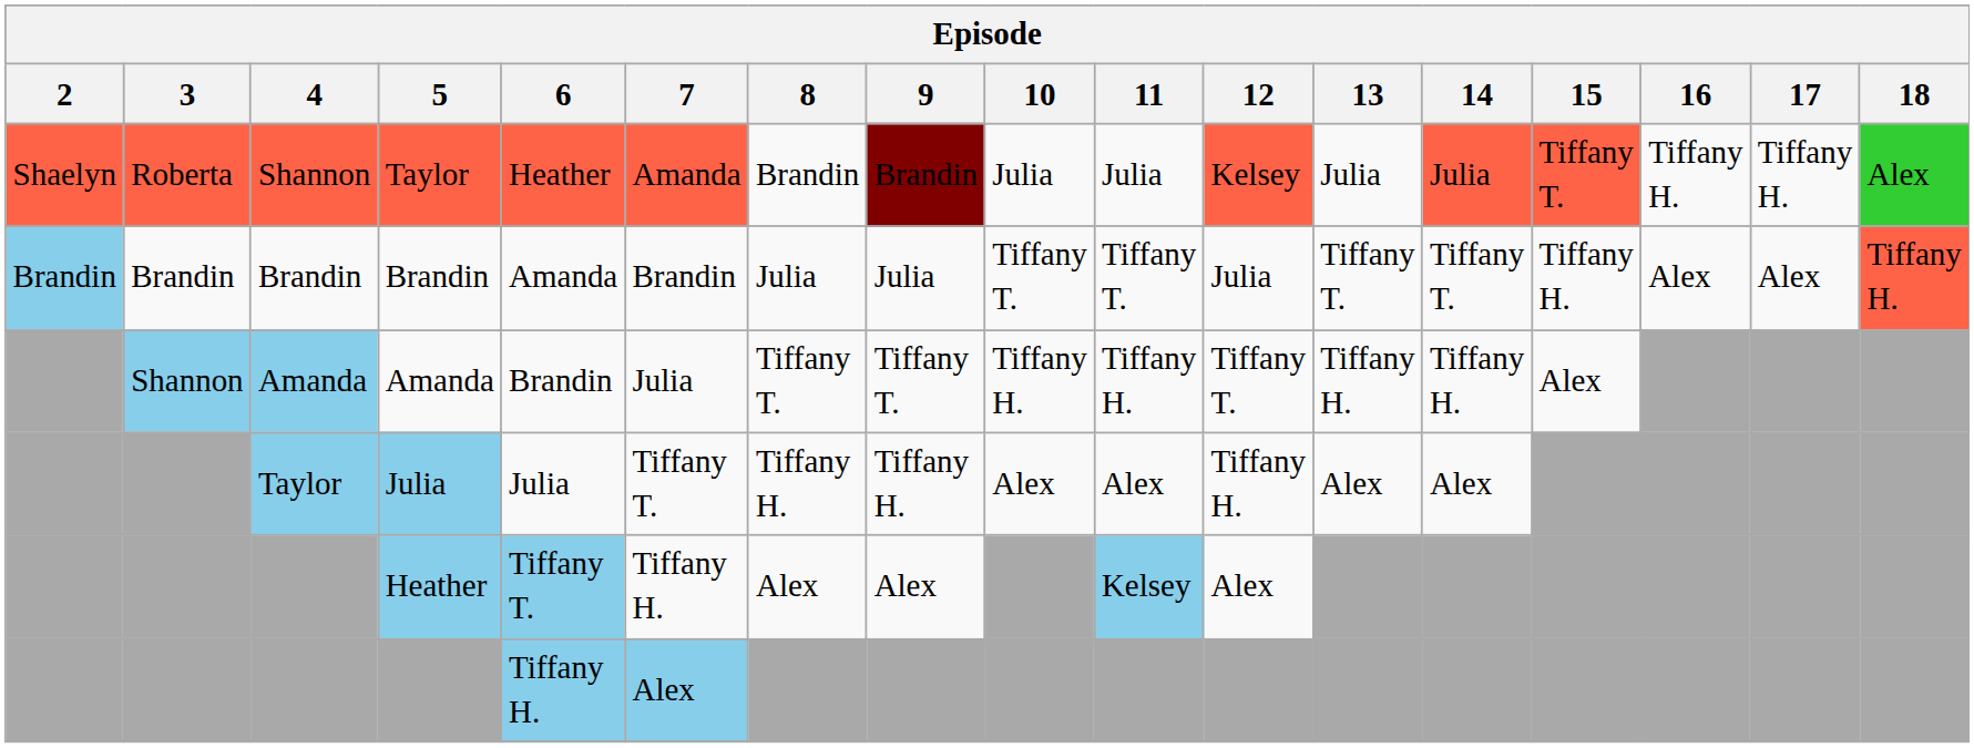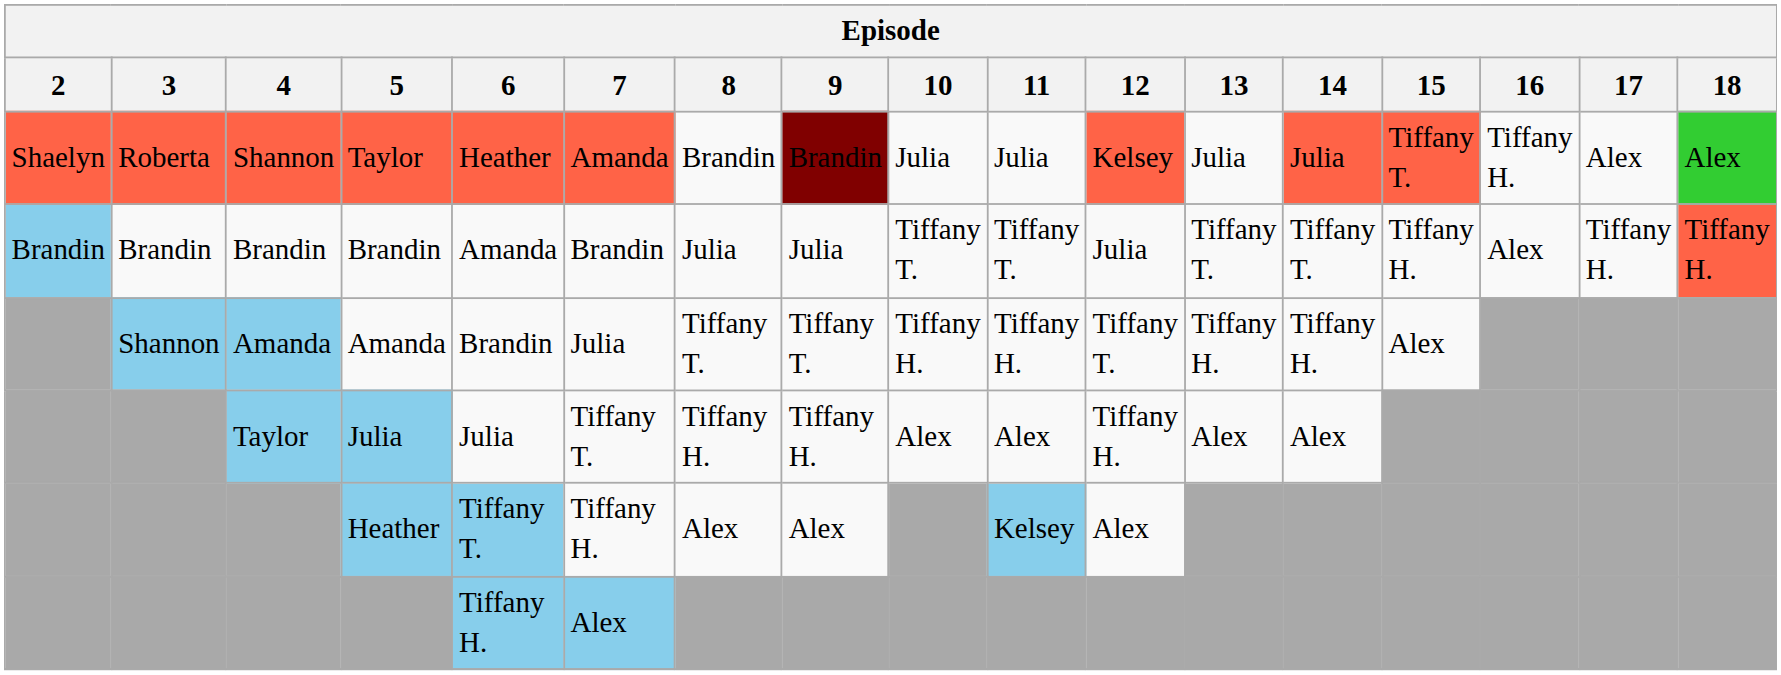 <table class="wikitable" style="line-height:22px" style="text-align:center">
 <tr>
 <th colspan="17">Episode</th>
 </tr>
 <tr>
 <th>2</th>
 <th>3</th>
 <th>4</th>
 <th>5</th>
 <th>6</th>
 <th>7</th>
 <th>8</th>
 <th>9</th>
 <th>10</th>
 <th>11</th>
 <th>12</th>
 <th>13</th>
 <th>14</th>
 <th>15</th>
 <th>16</th>
 <th>17</th>
 <th>18</th>
 </tr>
 <tr>
 <td bgcolor="tomato">Shaelyn</td>
 <td bgcolor="tomato">Roberta</td>
 <td bgcolor="tomato">Shannon</td>
 <td bgcolor="tomato">Taylor</td>
 <td bgcolor="tomato">Heather</td>
 <td bgcolor="tomato">Amanda</td>
 <td>Brandin</td>
 <td bgcolor="maroon"><span>Brandin</span></td>
 <td>Julia</td>
 <td>Julia</td>
 <td bgcolor="tomato">Kelsey</td>
 <td>Julia</td>
 <td bgcolor="tomato">Julia</td>
 <td bgcolor="tomato">Tiffany T.</td>
 <td>Tiffany H.</td>
-<td>Tiffany H.</td>
+<td>Alex</td>
 <td bgcolor="limegreen">Alex</td>
 </tr>
 <tr>
 <td bgcolor="skyblue">Brandin</td>
 <td>Brandin</td>
 <td>Brandin</td>
 <td>Brandin</td>
 <td>Amanda</td>
 <td>Brandin</td>
 <td>Julia</td>
 <td>Julia</td>
 <td>Tiffany T.</td>
 <td>Tiffany T.</td>
 <td>Julia</td>
 <td>Tiffany T.</td>
 <td>Tiffany T.</td>
 <td>Tiffany H.</td>
 <td>Alex</td>
-<td>Alex</td>
+<td>Tiffany H.</td>
 <td bgcolor="tomato">Tiffany H.</td>
 </tr>
 <tr>
 <td bgcolor="darkgray"></td>
 <td bgcolor="skyblue">Shannon</td>
 <td bgcolor="skyblue">Amanda</td>
 <td>Amanda</td>
 <td>Brandin</td>
 <td>Julia</td>
 <td>Tiffany T.</td>
 <td>Tiffany T.</td>
 <td>Tiffany H.</td>
 <td>Tiffany H.</td>
 <td>Tiffany T.</td>
 <td>Tiffany H.</td>
 <td>Tiffany H.</td>
 <td>Alex</td>
 <td bgcolor="darkgray"></td>
 <td bgcolor="darkgray"></td>
 <td bgcolor="darkgray"></td>
 </tr>
 <tr>
 <td bgcolor="darkgray"></td>
 <td bgcolor="darkgray"></td>
 <td bgcolor="skyblue">Taylor</td>
 <td bgcolor="skyblue">Julia</td>
 <td>Julia</td>
 <td>Tiffany T.</td>
 <td>Tiffany H.</td>
 <td>Tiffany H.</td>
 <td>Alex</td>
 <td>Alex</td>
 <td>Tiffany H.</td>
 <td>Alex</td>
 <td>Alex</td>
 <td bgcolor="darkgray"></td>
 <td bgcolor="darkgray"></td>
 <td bgcolor="darkgray"></td>
 <td bgcolor="darkgray"></td>
 </tr>
 <tr>
 <td bgcolor="darkgray"></td>
 <td bgcolor="darkgray"></td>
 <td bgcolor="darkgray"></td>
 <td bgcolor="skyblue">Heather</td>
 <td bgcolor="skyblue">Tiffany T.</td>
 <td>Tiffany H.</td>
 <td>Alex</td>
 <td>Alex</td>
 <td bgcolor="darkgray"></td>
 <td bgcolor="skyblue">Kelsey</td>
 <td>Alex</td>
 <td bgcolor="darkgray"></td>
 <td bgcolor="darkgray"></td>
 <td bgcolor="darkgray"></td>
 <td bgcolor="darkgray"></td>
 <td bgcolor="darkgray"></td>
 <td bgcolor="darkgray"></td>
 </tr>
 <tr>
 <td bgcolor="darkgray"></td>
 <td bgcolor="darkgray"></td>
 <td bgcolor="darkgray"></td>
 <td bgcolor="darkgray"></td>
 <td bgcolor="skyblue">Tiffany H.</td>
 <td bgcolor="skyblue">Alex</td>
 <td bgcolor="darkgray"></td>
 <td bgcolor="darkgray"></td>
 <td bgcolor="darkgray"></td>
 <td bgcolor="darkgray"></td>
 <td bgcolor="darkgray"></td>
 <td bgcolor="darkgray"></td>
 <td bgcolor="darkgray"></td>
 <td bgcolor="darkgray"></td>
 <td bgcolor="darkgray"></td>
 <td bgcolor="darkgray"></td>
 <td bgcolor="darkgray"></td>
 </tr>
 <tr>
 </tr>
 </table>
